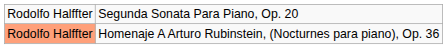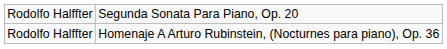 <table class="wikitable">
 <tr>
 <td>Rodolfo Halffter</td>
 <td>Segunda Sonata Para Piano, Op. 20</td>
 </tr>
 <tr>
-<td style="background: lightsalmon;">Rodolfo Halffter</td>
+<td>Rodolfo Halffter</td>
 <td>Homenaje A Arturo Rubinstein, (Nocturnes para piano), Op. 36</td>
 </tr>
 </table>
